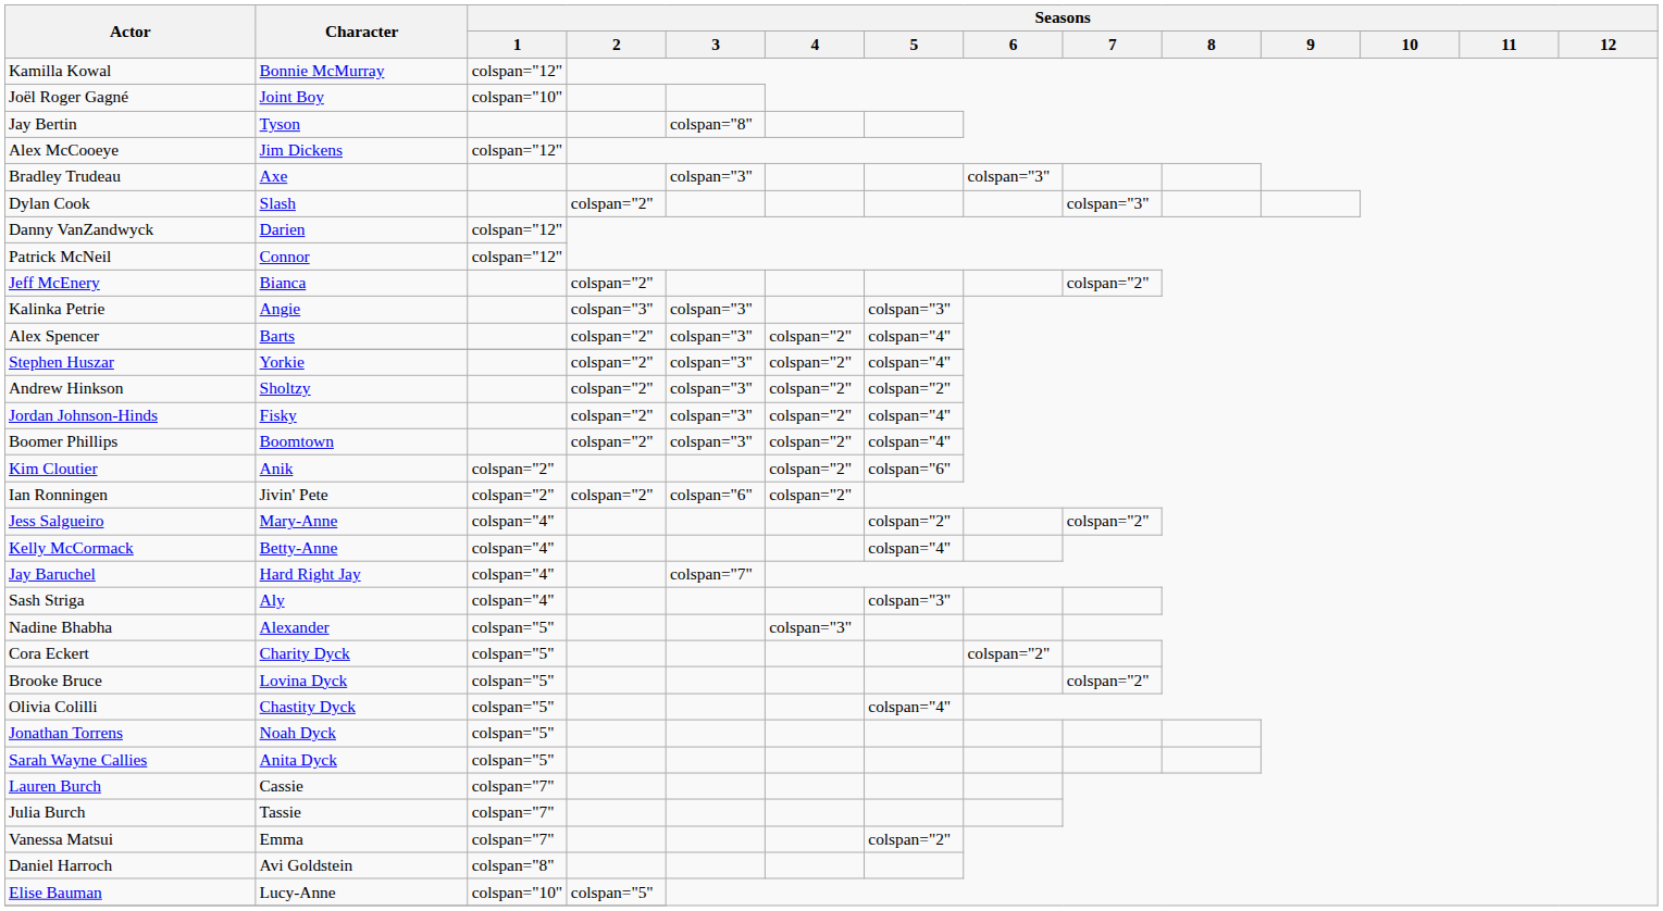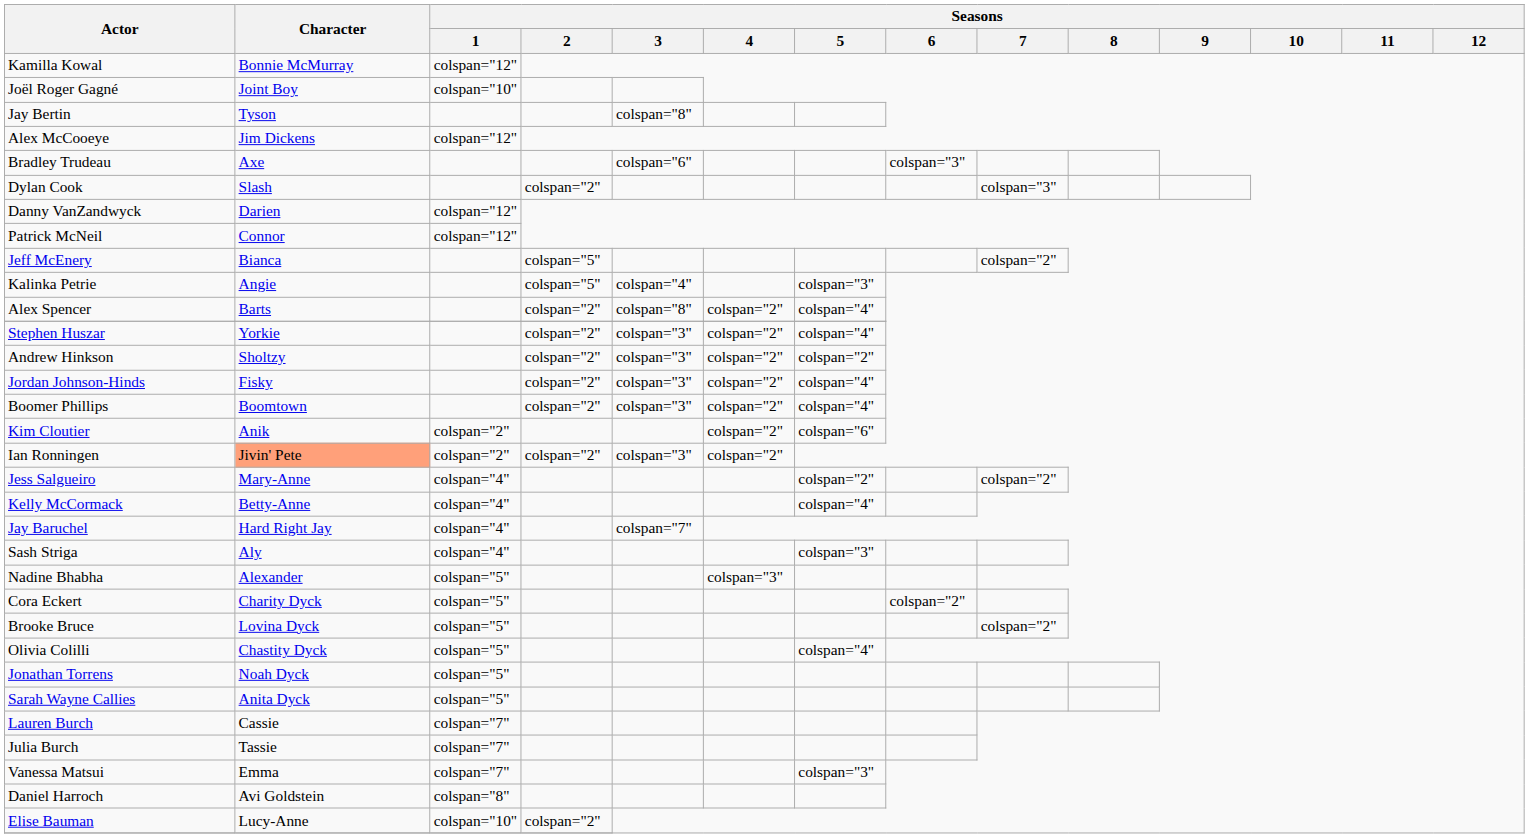 <table class="wikitable plainrowheaders" style="width:100%">
 <tr>
 <th scope="col" rowspan="2" style="width:fit-content">Actor</th>
 <th scope="col" rowspan="2" style="width:fit-content">Character</th>
 <th scope="col" colspan="12">Seasons</th>
 </tr>
 <tr>
 <th scope="col" style="width:6%;">1</th>
 <th scope="col" style="width:6%;">2</th>
 <th scope="col" style="width:6%;">3</th>
 <th scope="col" style="width:6%;">4</th>
 <th scope="col" style="width:6%;">5</th>
 <th scope="col" style="width:6%;">6</th>
 <th scope="col" style="width:6%;">7</th>
 <th scope="col" style="width:6%;">8</th>
 <th scope="col" style="width:6%;">9</th>
 <th scope="col" style="width:6%;">10</th>
 <th scope="col" style="width:6%;">11</th>
 <th scope="col" style="width:6%;">12</th>
 </tr>
 <tr>
 <td>Kamilla Kowal</td>
 <td><a href='#'>Bonnie McMurray</a></td>
 <td>colspan="12" </td>
 </tr>
 <tr>
 <td>Joël Roger Gagné</td>
 <td><a href='#'>Joint Boy</a></td>
 <td>colspan="10" </td>
 <td></td>
 <td></td>
 </tr>
 <tr>
 <td>Jay Bertin</td>
 <td><a href='#'>Tyson</a></td>
 <td></td>
 <td></td>
 <td>colspan="8" </td>
 <td></td>
 <td></td>
 </tr>
 <tr>
 <td>Alex McCooeye</td>
 <td><a href='#'>Jim Dickens</a></td>
 <td>colspan="12" </td>
 </tr>
 <tr>
 <td>Bradley Trudeau</td>
 <td><a href='#'>Axe</a></td>
 <td></td>
 <td></td>
-<td>colspan="3" </td>
+<td>colspan="6" </td>
 <td></td>
 <td></td>
 <td>colspan="3" </td>
 <td></td>
 <td></td>
 </tr>
 <tr>
 <td>Dylan Cook</td>
 <td><a href='#'>Slash</a></td>
 <td></td>
 <td>colspan="2" </td>
 <td></td>
 <td></td>
 <td></td>
 <td></td>
 <td>colspan="3" </td>
 <td></td>
 <td></td>
 </tr>
 <tr>
 <td>Danny VanZandwyck</td>
 <td><a href='#'>Darien</a></td>
 <td>colspan="12" </td>
 </tr>
 <tr>
 <td>Patrick McNeil</td>
 <td><a href='#'>Connor</a></td>
 <td>colspan="12" </td>
 </tr>
 <tr>
 <td><a href='#'>Jeff McEnery</a></td>
 <td><a href='#'>Bianca</a></td>
 <td></td>
-<td>colspan="2" </td>
+<td>colspan="5" </td>
 <td></td>
 <td></td>
 <td></td>
 <td></td>
 <td>colspan="2" </td>
 </tr>
 <tr>
 <td>Kalinka Petrie</td>
 <td><a href='#'>Angie</a></td>
 <td></td>
-<td>colspan="3" </td>
-<td>colspan="3" </td>
+<td>colspan="5" </td>
+<td>colspan="4" </td>
 <td></td>
 <td>colspan="3" </td>
 </tr>
 <tr>
 <td>Alex Spencer</td>
 <td><a href='#'>Barts</a></td>
 <td></td>
 <td>colspan="2" </td>
-<td>colspan="3" </td>
+<td>colspan="8" </td>
 <td>colspan="2" </td>
 <td>colspan="4" </td>
 </tr>
 <tr>
 </tr>
 <tr>
 <td><a href='#'>Stephen Huszar</a></td>
 <td><a href='#'>Yorkie</a></td>
 <td></td>
 <td>colspan="2" </td>
 <td>colspan="3" </td>
 <td>colspan="2" </td>
 <td>colspan="4" </td>
 </tr>
 <tr>
 <td>Andrew Hinkson</td>
 <td><a href='#'>Sholtzy</a></td>
 <td></td>
 <td>colspan="2" </td>
 <td>colspan="3" </td>
 <td>colspan="2" </td>
 <td>colspan="2" </td>
 </tr>
 <tr>
 <td><a href='#'>Jordan Johnson-Hinds</a></td>
 <td><a href='#'>Fisky</a></td>
 <td></td>
 <td>colspan="2" </td>
 <td>colspan="3" </td>
 <td>colspan="2" </td>
 <td>colspan="4" </td>
 </tr>
 <tr>
 <td>Boomer Phillips</td>
 <td><a href='#'>Boomtown</a></td>
 <td></td>
 <td>colspan="2" </td>
 <td>colspan="3" </td>
 <td>colspan="2" </td>
 <td>colspan="4" </td>
 </tr>
 <tr>
 <td><a href='#'>Kim Cloutier</a></td>
 <td><a href='#'>Anik</a></td>
 <td>colspan="2" </td>
 <td></td>
 <td></td>
 <td>colspan="2" </td>
 <td>colspan="6" </td>
 </tr>
 <tr>
 <td>Ian Ronningen</td>
-<td>Jivin' Pete</td>
+<td style="background: lightsalmon;">Jivin' Pete</td>
 <td>colspan="2" </td>
 <td>colspan="2" </td>
-<td>colspan="6" </td>
+<td>colspan="3" </td>
 <td>colspan="2" </td>
 </tr>
 <tr>
 <td><a href='#'>Jess Salgueiro</a></td>
 <td><a href='#'>Mary-Anne</a></td>
 <td>colspan="4" </td>
 <td></td>
 <td></td>
 <td></td>
 <td>colspan="2" </td>
 <td></td>
 <td>colspan="2" </td>
 </tr>
 <tr>
 <td><a href='#'>Kelly McCormack</a></td>
 <td><a href='#'>Betty-Anne</a></td>
 <td>colspan="4" </td>
 <td></td>
 <td></td>
 <td></td>
 <td>colspan="4" </td>
 <td></td>
 </tr>
 <tr>
 <td><a href='#'>Jay Baruchel</a></td>
 <td><a href='#'>Hard Right Jay</a></td>
 <td>colspan="4" </td>
 <td></td>
 <td>colspan="7" </td>
 </tr>
 <tr>
 <td>Sash Striga</td>
 <td><a href='#'>Aly</a></td>
 <td>colspan="4" </td>
 <td></td>
 <td></td>
 <td></td>
 <td>colspan="3" </td>
 <td></td>
 <td></td>
 </tr>
 <tr>
 <td>Nadine Bhabha</td>
 <td><a href='#'>Alexander</a></td>
 <td>colspan="5" </td>
 <td></td>
 <td></td>
 <td>colspan="3" </td>
 <td></td>
 <td></td>
 </tr>
 <tr>
 <td>Cora Eckert</td>
 <td><a href='#'>Charity Dyck</a></td>
 <td>colspan="5" </td>
 <td></td>
 <td></td>
 <td></td>
 <td></td>
 <td>colspan="2" </td>
 <td></td>
 </tr>
 <tr>
 <td>Brooke Bruce</td>
 <td><a href='#'>Lovina Dyck</a></td>
 <td>colspan="5" </td>
 <td></td>
 <td></td>
 <td></td>
 <td></td>
 <td></td>
 <td>colspan="2" </td>
 </tr>
 <tr>
 <td>Olivia Colilli</td>
 <td><a href='#'>Chastity Dyck</a></td>
 <td>colspan="5" </td>
 <td></td>
 <td></td>
 <td></td>
 <td>colspan="4" </td>
 </tr>
 <tr>
 <td><a href='#'>Jonathan Torrens</a></td>
 <td><a href='#'>Noah Dyck</a></td>
 <td>colspan="5" </td>
 <td></td>
 <td></td>
 <td></td>
 <td></td>
 <td></td>
 <td></td>
 <td></td>
 </tr>
 <tr>
 <td><a href='#'>Sarah Wayne Callies</a></td>
 <td><a href='#'>Anita Dyck</a></td>
 <td>colspan="5" </td>
 <td></td>
 <td></td>
 <td></td>
 <td></td>
 <td></td>
 <td></td>
 <td></td>
 </tr>
 <tr>
 <td><a href='#'>Lauren Burch</a></td>
 <td>Cassie</td>
 <td>colspan="7" </td>
 <td></td>
 <td></td>
 <td></td>
 <td></td>
 <td></td>
 </tr>
 <tr>
 <td>Julia Burch</td>
 <td>Tassie</td>
 <td>colspan="7" </td>
 <td></td>
 <td></td>
 <td></td>
 <td></td>
 <td></td>
 </tr>
 <tr>
 <td>Vanessa Matsui</td>
 <td>Emma</td>
 <td>colspan="7" </td>
 <td></td>
 <td></td>
 <td></td>
-<td>colspan="2" </td>
+<td>colspan="3" </td>
 </tr>
 <tr>
 <td>Daniel Harroch</td>
 <td>Avi Goldstein</td>
 <td>colspan="8" </td>
 <td></td>
 <td></td>
 <td></td>
 <td></td>
 </tr>
 <tr>
 <td><a href='#'>Elise Bauman</a></td>
 <td>Lucy-Anne</td>
 <td>colspan="10" </td>
-<td>colspan="5" </td>
+<td>colspan="2" </td>
 </tr>
 <tr>
 </tr>
 </table>
